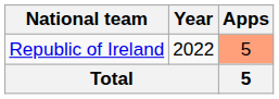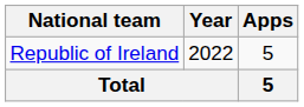 <table class="sortable wikitable" style="text-align:center">
 <tr>
 <th scope="col">National team</th>
 <th scope="col">Year</th>
 <th !scope="col">Apps</th>
 </tr>
 <tr>
 <td rowspan="1"><a href='#'>Republic of Ireland</a></td>
 <td scope="row">2022</td>
-<td style="background: lightsalmon;">5</td>
+<td>5</td>
 </tr>
 <tr>
 <th colspan="2">Total</th>
 <th>5</th>
 </tr>
 </table>
